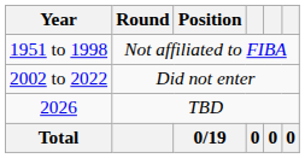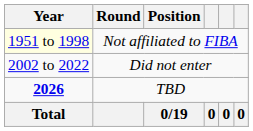 <table class="wikitable" style="text-align: center;">
 <tr>
 <th scope=col>Year</th>
 <th scope=col>Round</th>
 <th scope=col>Position</th>
 <th scope=col></th>
 <th scope=col></th>
 <th scope=col></th>
 </tr>
 <tr>
-<td> <a href='#'>1951</a> to  <a href='#'>1998</a></td>
+<td style="background: lightyellow;"> <a href='#'>1951</a> to  <a href='#'>1998</a></td>
 <td colspan="5"><em>Not affiliated to <a href='#'>FIBA</a> </em></td>
 </tr>
 <tr>
 <td> <a href='#'>2002</a> to  <a href='#'>2022</a></td>
 <td colspan="5"><em>Did not enter </em></td>
 </tr>
 <tr>
-<td> <a href='#'>2026</a></td>
+<td><strong> <a href='#'>2026</a></strong></td>
 <td colspan="5"><em>TBD </em></td>
 </tr>
 <tr>
 <th>Total</th>
 <th></th>
 <th>0/19</th>
 <th>0</th>
 <th>0</th>
 <th>0</th>
 </tr>
 </table>
